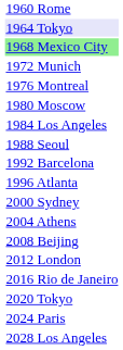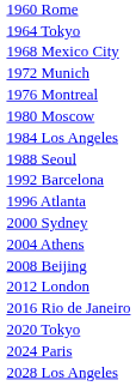 <table>
 <tr valign="top">
 <td><a href='#'>1960 Rome</a><br></td>
 <td></td>
 <td></td>
 <td></td>
 </tr>
 <tr valign="top">
-<td style="background: lavender;"><a href='#'>1964 Tokyo</a><br></td>
+<td><a href='#'>1964 Tokyo</a><br></td>
 <td></td>
 <td></td>
 <td></td>
 </tr>
 <tr valign="top">
-<td style="background: lightgreen;"><a href='#'>1968 Mexico City</a><br></td>
+<td><a href='#'>1968 Mexico City</a><br></td>
 <td></td>
 <td></td>
 <td></td>
 </tr>
 <tr valign="top">
 <td><a href='#'>1972 Munich</a><br></td>
 <td></td>
 <td></td>
 <td></td>
 </tr>
 <tr valign="top">
 <td><a href='#'>1976 Montreal</a><br></td>
 <td></td>
 <td></td>
 <td></td>
 </tr>
 <tr valign="top">
 <td><a href='#'>1980 Moscow</a><br></td>
 <td></td>
 <td></td>
 <td></td>
 </tr>
 <tr valign="top">
 <td><a href='#'>1984 Los Angeles</a><br></td>
 <td></td>
 <td></td>
 <td></td>
 </tr>
 <tr valign="top">
 <td><a href='#'>1988 Seoul</a><br></td>
 <td></td>
 <td></td>
 <td></td>
 </tr>
 <tr valign="top">
 <td><a href='#'>1992 Barcelona</a><br></td>
 <td></td>
 <td></td>
 <td></td>
 </tr>
 <tr valign="top">
 <td><a href='#'>1996 Atlanta</a><br></td>
 <td></td>
 <td></td>
 <td></td>
 </tr>
 <tr valign="top">
 <td><a href='#'>2000 Sydney</a><br></td>
 <td></td>
 <td></td>
 <td></td>
 </tr>
 <tr valign="top">
 <td><a href='#'>2004 Athens</a><br></td>
 <td></td>
 <td></td>
 <td></td>
 </tr>
 <tr valign="top">
 <td><a href='#'>2008 Beijing</a><br></td>
 <td></td>
 <td></td>
 <td></td>
 </tr>
 <tr valign="top">
 <td><a href='#'>2012 London</a><br></td>
 <td></td>
 <td></td>
 <td></td>
 </tr>
 <tr valign="top">
 <td><a href='#'>2016 Rio de Janeiro</a><br></td>
 <td></td>
 <td></td>
 <td></td>
 </tr>
 <tr valign="top">
 <td><a href='#'>2020 Tokyo</a><br></td>
 <td></td>
 <td></td>
 <td></td>
 </tr>
 <tr valign="top">
 <td rowspan=2><a href='#'>2024 Paris</a><br></td>
 <td rowspan=2></td>
 <td rowspan=2></td>
 <td></td>
 </tr>
 <tr>
 <td></td>
 </tr>
 <tr>
 <td><a href='#'>2028 Los Angeles</a> <br></td>
 <td></td>
 <td></td>
 <td></td>
 </tr>
 <tr>
 </tr>
 </table>
